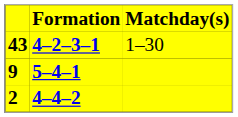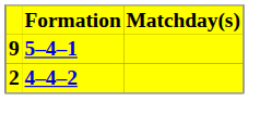 <table class="toccolours" border="0" cellpadding="2" cellspacing="0" align="center" style="margin: 0.5em 0 1em 1em; background: #000000; border: 1px #aaaaaa solid;">
 <tr bgcolor=#FFFF00>
 <th></th>
 <th>Formation</th>
 <th>Matchday(s)</th>
-</tr>
-<tr bgcolor=#FFFF00>
-<td><strong>43</strong></td>
-<td><a href='#'><span><strong>4–2–3–1</strong></span></a></td>
-<td>1–30</td>
 </tr>
 <tr bgcolor=#FFFF00>
 <td><strong>9</strong></td>
 <td><a href='#'><span><strong>5–4–1</strong></span></a></td>
 <td></td>
 </tr>
 <tr bgcolor=#FFFF00>
 <td><strong>2</strong></td>
 <td><a href='#'><span><strong>4–4–2</strong></span></a></td>
 <td></td>
 </tr>
 </table>
